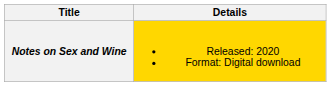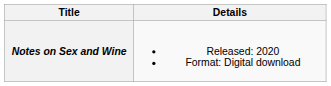 <table class="wikitable plainrowheaders" style="text-align:center">
 <tr>
 <th scope="col" style="width:12em;">Title</th>
 <th scope="col" style="width:18em;">Details</th>
 </tr>
 <tr>
 <th scope="row"><em>Notes on Sex and Wine</em></th>
-<td style="background: gold;"><br><ul><li>Released: 2020</li><li>Format: Digital download</li></ul></td>
+<td><br><ul><li>Released: 2020</li><li>Format: Digital download</li></ul></td>
 </tr>
 </table>
